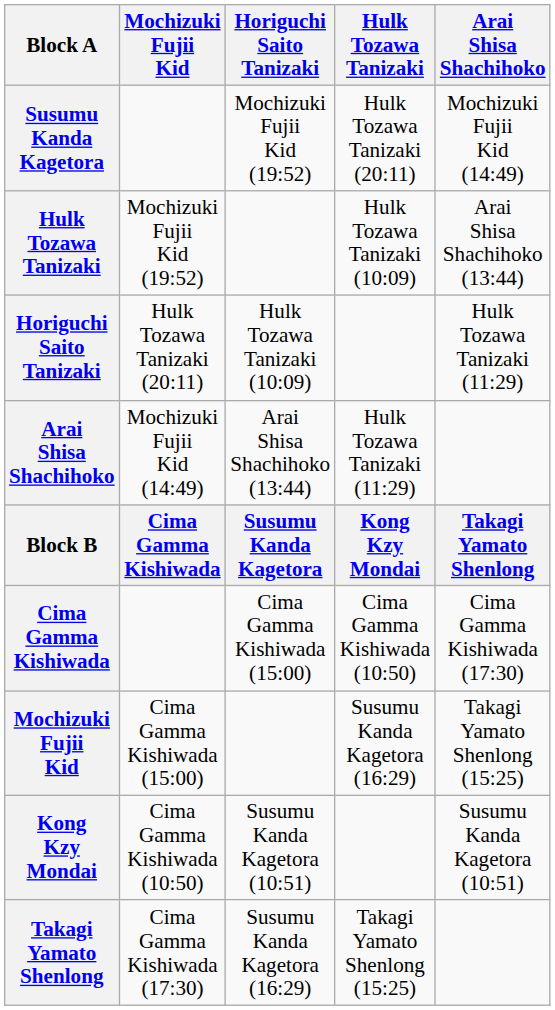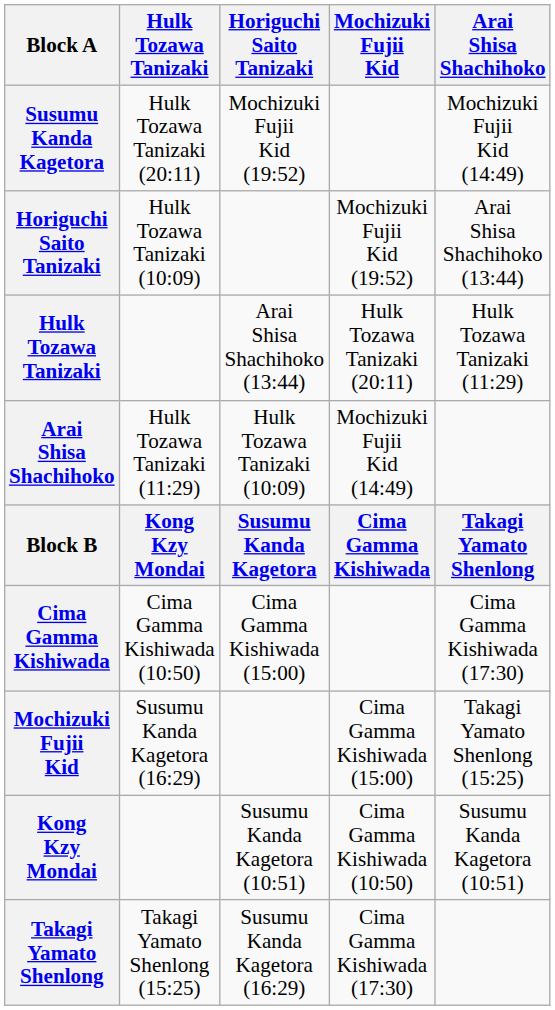 <table class="wikitable" style="margin: 1em auto 1em auto;text-align:center">
 <tr>
 <th>Block A</th>
+<th><a href='#'>Hulk</a><br><a href='#'>Tozawa</a><br><a href='#'>Tanizaki</a></th>
+<th><a href='#'>Horiguchi</a><br><a href='#'>Saito</a><br><a href='#'>Tanizaki</a></th>
 <th><a href='#'>Mochizuki</a><br><a href='#'>Fujii</a><br><a href='#'>Kid</a></th>
-<th><a href='#'>Horiguchi</a><br><a href='#'>Saito</a><br><a href='#'>Tanizaki</a></th>
-<th><a href='#'>Hulk</a><br><a href='#'>Tozawa</a><br><a href='#'>Tanizaki</a></th>
 <th><a href='#'>Arai</a><br><a href='#'>Shisa</a><br><a href='#'>Shachihoko</a></th>
 </tr>
 <tr>
 <th><a href='#'>Susumu</a><br><a href='#'>Kanda</a><br><a href='#'>Kagetora</a></th>
+<td>Hulk<br>Tozawa<br>Tanizaki<br>(20:11)</td>
+<td>Mochizuki<br>Fujii<br>Kid<br>(19:52)</td>
 <td></td>
-<td>Mochizuki<br>Fujii<br>Kid<br>(19:52)</td>
-<td>Hulk<br>Tozawa<br>Tanizaki<br>(20:11)</td>
 <td>Mochizuki<br>Fujii<br>Kid<br>(14:49)</td>
 </tr>
 <tr>
-<th><a href='#'>Hulk</a><br><a href='#'>Tozawa</a><br><a href='#'>Tanizaki</a></th>
+<th><a href='#'>Horiguchi</a><br><a href='#'>Saito</a><br><a href='#'>Tanizaki</a></th>
+<td>Hulk<br>Tozawa<br>Tanizaki<br>(10:09)</td>
+<td></td>
 <td>Mochizuki<br>Fujii<br>Kid<br>(19:52)</td>
-<td></td>
-<td>Hulk<br>Tozawa<br>Tanizaki<br>(10:09)</td>
 <td>Arai<br>Shisa<br>Shachihoko<br>(13:44)</td>
 </tr>
 <tr>
-<th><a href='#'>Horiguchi</a><br><a href='#'>Saito</a><br><a href='#'>Tanizaki</a></th>
+<th><a href='#'>Hulk</a><br><a href='#'>Tozawa</a><br><a href='#'>Tanizaki</a></th>
+<td></td>
+<td>Arai<br>Shisa<br>Shachihoko<br>(13:44)</td>
 <td>Hulk<br>Tozawa<br>Tanizaki<br>(20:11)</td>
-<td>Hulk<br>Tozawa<br>Tanizaki<br>(10:09)</td>
-<td></td>
 <td>Hulk<br>Tozawa<br>Tanizaki<br>(11:29)</td>
 </tr>
 <tr>
 <th><a href='#'>Arai</a><br><a href='#'>Shisa</a><br><a href='#'>Shachihoko</a></th>
+<td>Hulk<br>Tozawa<br>Tanizaki<br>(11:29)</td>
+<td>Hulk<br>Tozawa<br>Tanizaki<br>(10:09)</td>
 <td>Mochizuki<br>Fujii<br>Kid<br>(14:49)</td>
-<td>Arai<br>Shisa<br>Shachihoko<br>(13:44)</td>
-<td>Hulk<br>Tozawa<br>Tanizaki<br>(11:29)</td>
 <td></td>
 </tr>
 <tr>
 <th>Block B</th>
+<th><a href='#'>Kong</a><br><a href='#'>Kzy</a><br><a href='#'>Mondai</a></th>
+<th><a href='#'>Susumu</a><br><a href='#'>Kanda</a><br><a href='#'>Kagetora</a></th>
 <th><a href='#'>Cima</a><br><a href='#'>Gamma</a><br><a href='#'>Kishiwada</a></th>
-<th><a href='#'>Susumu</a><br><a href='#'>Kanda</a><br><a href='#'>Kagetora</a></th>
-<th><a href='#'>Kong</a><br><a href='#'>Kzy</a><br><a href='#'>Mondai</a></th>
 <th><a href='#'>Takagi</a><br><a href='#'>Yamato</a><br><a href='#'>Shenlong</a></th>
 </tr>
 <tr>
 <th><a href='#'>Cima</a><br><a href='#'>Gamma</a><br><a href='#'>Kishiwada</a></th>
+<td>Cima<br>Gamma<br>Kishiwada<br>(10:50)</td>
+<td>Cima<br>Gamma<br>Kishiwada<br>(15:00)</td>
 <td></td>
-<td>Cima<br>Gamma<br>Kishiwada<br>(15:00)</td>
-<td>Cima<br>Gamma<br>Kishiwada<br>(10:50)</td>
 <td>Cima<br>Gamma<br>Kishiwada<br>(17:30)</td>
 </tr>
 <tr>
 <th><a href='#'>Mochizuki</a><br><a href='#'>Fujii</a><br><a href='#'>Kid</a></th>
+<td>Susumu<br>Kanda<br>Kagetora<br>(16:29)</td>
+<td></td>
 <td>Cima<br>Gamma<br>Kishiwada<br>(15:00)</td>
-<td></td>
-<td>Susumu<br>Kanda<br>Kagetora<br>(16:29)</td>
 <td>Takagi<br>Yamato<br>Shenlong<br>(15:25)</td>
 </tr>
 <tr>
 <th><a href='#'>Kong</a><br><a href='#'>Kzy</a><br><a href='#'>Mondai</a></th>
+<td></td>
+<td>Susumu<br>Kanda<br>Kagetora<br>(10:51)</td>
 <td>Cima<br>Gamma<br>Kishiwada<br>(10:50)</td>
-<td>Susumu<br>Kanda<br>Kagetora<br>(10:51)</td>
-<td></td>
 <td>Susumu<br>Kanda<br>Kagetora<br>(10:51)</td>
 </tr>
 <tr>
 <th><a href='#'>Takagi</a><br><a href='#'>Yamato</a><br><a href='#'>Shenlong</a></th>
+<td>Takagi<br>Yamato<br>Shenlong<br>(15:25)</td>
+<td>Susumu<br>Kanda<br>Kagetora<br>(16:29)</td>
 <td>Cima<br>Gamma<br>Kishiwada<br>(17:30)</td>
-<td>Susumu<br>Kanda<br>Kagetora<br>(16:29)</td>
-<td>Takagi<br>Yamato<br>Shenlong<br>(15:25)</td>
 <td></td>
 </tr>
 </table>
